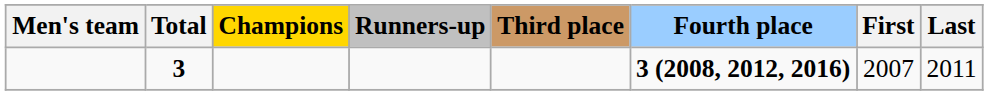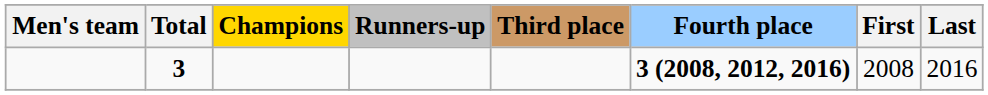 <table class="wikitable" style="text-align: center; font-size: 90%; margin-left: 1em;">
 <tr>
 <th>Men's team</th>
 <th>Total</th>
 <th style="background-color: gold;">Champions</th>
 <th style="background-color: silver;">Runners-up</th>
 <th style="background-color: #cc9966;">Third place</th>
 <th style="background-color: #9acdff;">Fourth place</th>
 <th>First</th>
 <th>Last</th>
 </tr>
 <tr>
 <td style="text-align: left;"></td>
 <td><strong>3</strong></td>
 <td></td>
 <td></td>
 <td></td>
 <td><strong>3 (2008, 2012, 2016)</strong></td>
-<td>2007</td>
-<td>2011</td>
+<td>2008</td>
+<td>2016</td>
 </tr>
 </table>
